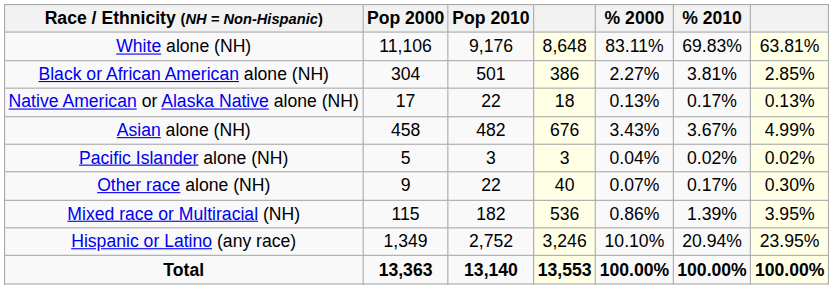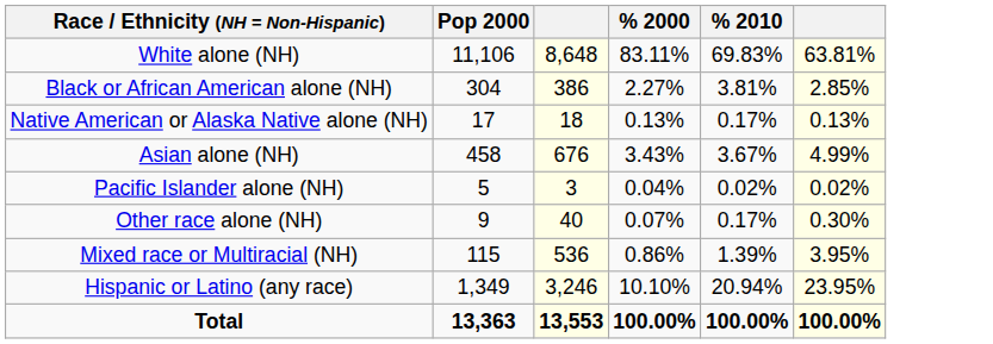 <table class="wikitable" style="text-align:center;">
 <tr>
 <th>Race / Ethnicity <small>(<em>NH = Non-Hispanic</em>)</small></th>
 <th>Pop 2000</th>
-<th>Pop 2010</th>
 <th></th>
 <th>% 2000</th>
 <th>% 2010</th>
 <th></th>
 </tr>
 <tr>
 <td><a href='#'>White</a> alone (NH)</td>
 <td>11,106</td>
-<td>9,176</td>
 <td style='background: #ffffe6;'>8,648</td>
 <td>83.11%</td>
 <td>69.83%</td>
 <td style='background: #ffffe6;'>63.81%</td>
 </tr>
 <tr>
 <td><a href='#'>Black or African American</a> alone (NH)</td>
 <td>304</td>
-<td>501</td>
 <td style='background: #ffffe6;'>386</td>
 <td>2.27%</td>
 <td>3.81%</td>
 <td style='background: #ffffe6;'>2.85%</td>
 </tr>
 <tr>
 <td><a href='#'>Native American</a> or <a href='#'>Alaska Native</a> alone (NH)</td>
 <td>17</td>
-<td>22</td>
 <td style='background: #ffffe6;'>18</td>
 <td>0.13%</td>
 <td>0.17%</td>
 <td style='background: #ffffe6;'>0.13%</td>
 </tr>
 <tr>
 <td><a href='#'>Asian</a> alone (NH)</td>
 <td>458</td>
-<td>482</td>
 <td style='background: #ffffe6;'>676</td>
 <td>3.43%</td>
 <td>3.67%</td>
 <td style='background: #ffffe6;'>4.99%</td>
 </tr>
 <tr>
 <td><a href='#'>Pacific Islander</a> alone (NH)</td>
 <td>5</td>
-<td>3</td>
 <td style='background: #ffffe6;'>3</td>
 <td>0.04%</td>
 <td>0.02%</td>
 <td style='background: #ffffe6;'>0.02%</td>
 </tr>
 <tr>
 <td><a href='#'>Other race</a> alone (NH)</td>
 <td>9</td>
-<td>22</td>
 <td style='background: #ffffe6;'>40</td>
 <td>0.07%</td>
 <td>0.17%</td>
 <td style='background: #ffffe6;'>0.30%</td>
 </tr>
 <tr>
 <td><a href='#'>Mixed race or Multiracial</a> (NH)</td>
 <td>115</td>
-<td>182</td>
 <td style='background: #ffffe6;'>536</td>
 <td>0.86%</td>
 <td>1.39%</td>
 <td style='background: #ffffe6;'>3.95%</td>
 </tr>
 <tr>
 <td><a href='#'>Hispanic or Latino</a> (any race)</td>
 <td>1,349</td>
-<td>2,752</td>
 <td style='background: #ffffe6;'>3,246</td>
 <td>10.10%</td>
 <td>20.94%</td>
 <td style='background: #ffffe6;'>23.95%</td>
 </tr>
 <tr>
 <td><strong>Total</strong></td>
 <td><strong>13,363</strong></td>
-<td><strong>13,140</strong></td>
 <td style='background: #ffffe6;'><strong>13,553</strong></td>
 <td><strong>100.00%</strong></td>
 <td><strong>100.00%</strong></td>
 <td style='background: #ffffe6;'><strong>100.00%</strong></td>
 </tr>
 </table>
